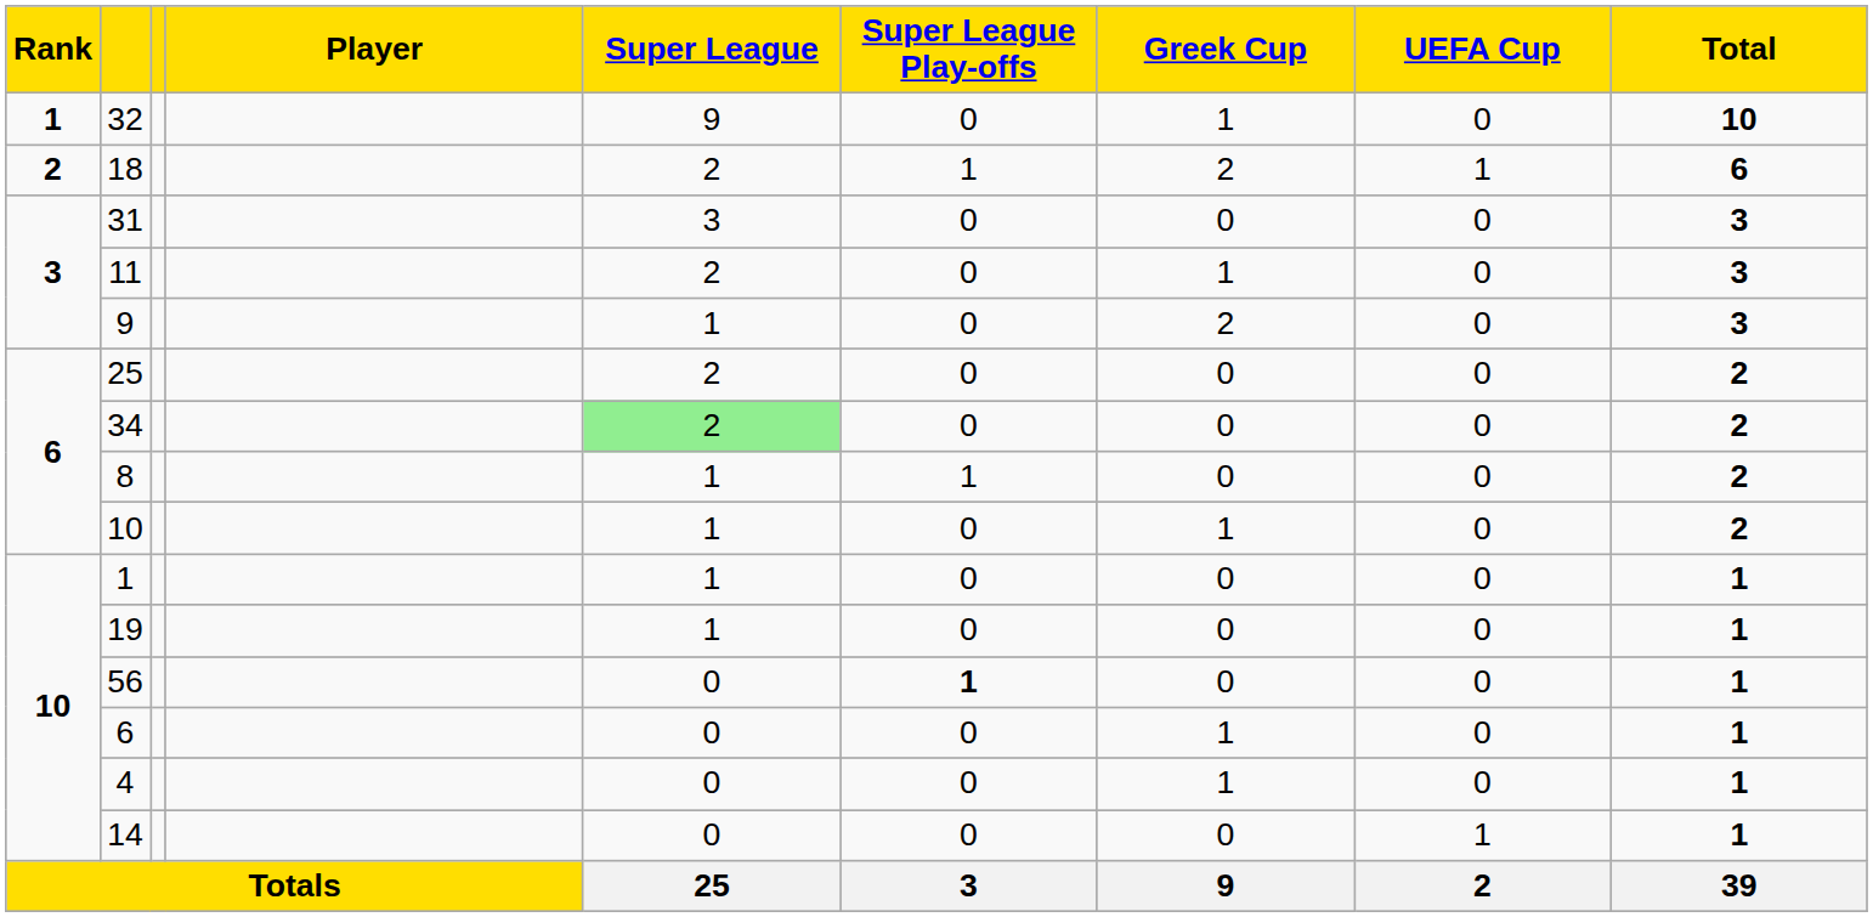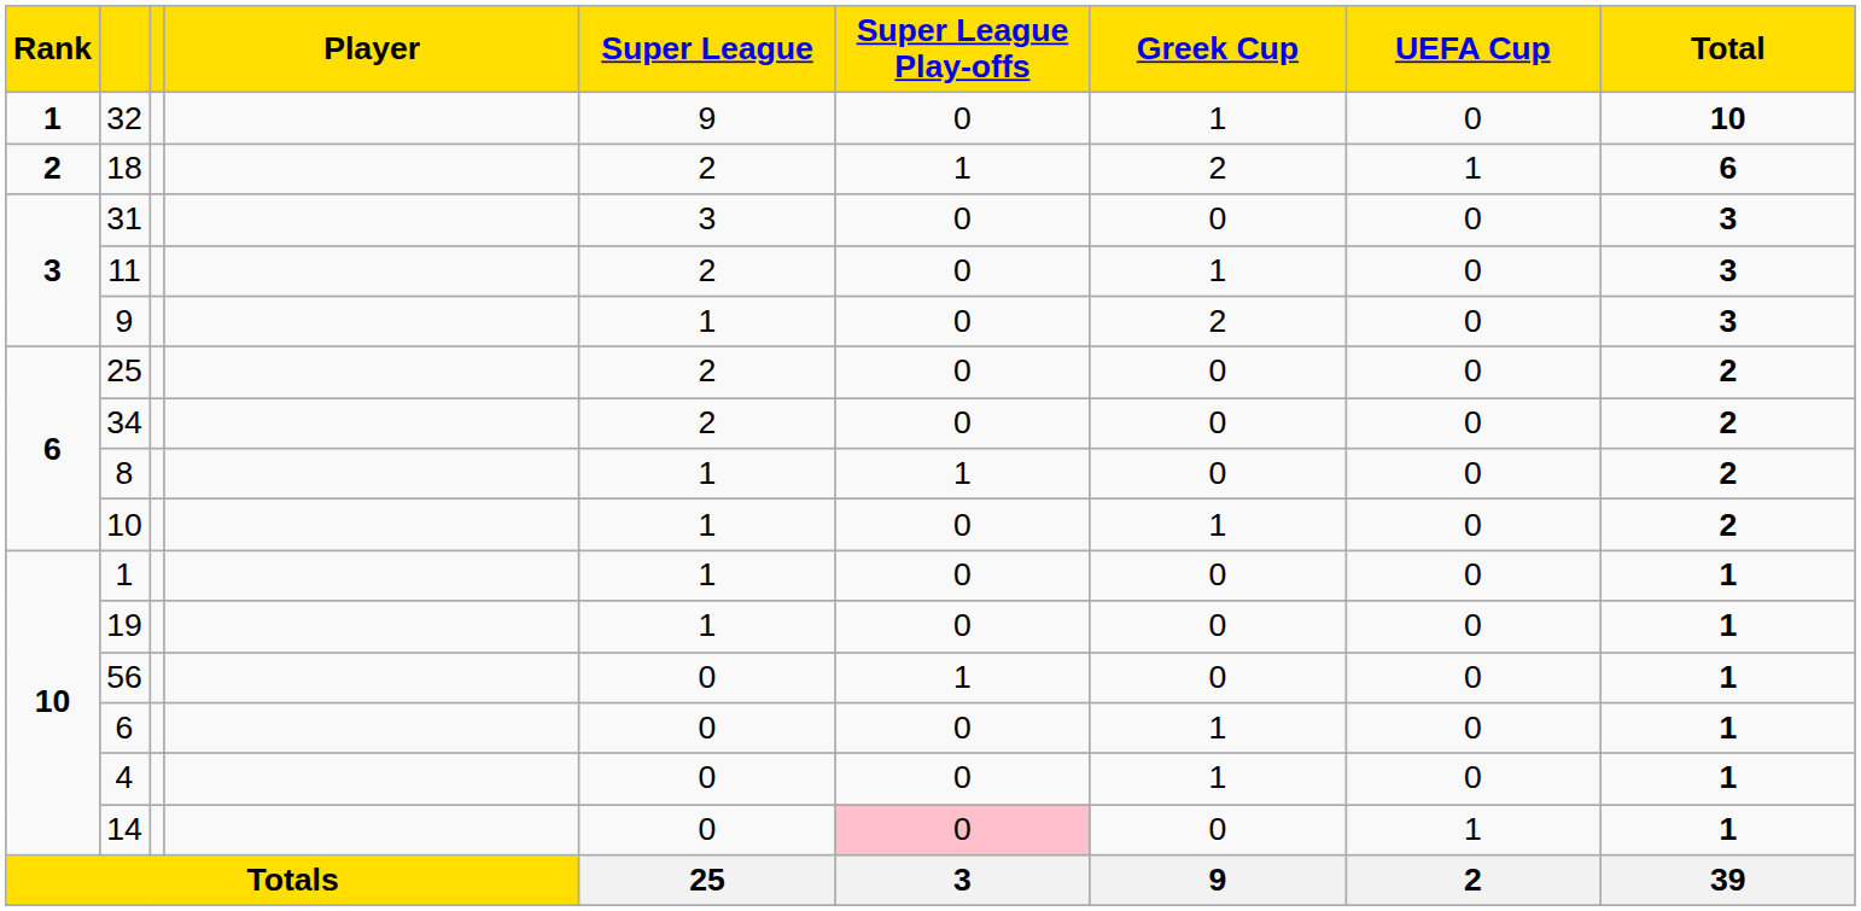 <table class="wikitable sortable" style="text-align: center">
 <tr>
 <th style="background:#FFDE00">Rank</th>
 <th style="background:#FFDE00"></th>
 <th style="background:#FFDE00"></th>
 <th width=200 style="background:#FFDE00">Player</th>
 <th width=120 style="background:#FFDE00"><a href='#'>Super League</a></th>
 <th width=120 style="background:#FFDE00"><a href='#'>Super League Play-offs</a></th>
 <th width=120 style="background:#FFDE00"><a href='#'>Greek Cup</a></th>
 <th width=120 style="background:#FFDE00"><a href='#'>UEFA Cup</a></th>
 <th width=120 style="background:#FFDE00">Total</th>
 </tr>
 <tr>
 <td><strong>1</strong></td>
 <td>32</td>
 <td></td>
 <td align=left></td>
 <td>9</td>
 <td>0</td>
 <td>1</td>
 <td>0</td>
 <td><strong>10</strong></td>
 </tr>
 <tr>
 <td><strong>2</strong></td>
 <td>18</td>
 <td></td>
 <td align=left></td>
 <td>2</td>
 <td>1</td>
 <td>2</td>
 <td>1</td>
 <td><strong>6</strong></td>
 </tr>
 <tr>
 <td rowspan=3><strong>3</strong></td>
 <td>31</td>
 <td></td>
 <td align=left></td>
 <td>3</td>
 <td>0</td>
 <td>0</td>
 <td>0</td>
 <td><strong>3</strong></td>
 </tr>
 <tr>
 <td>11</td>
 <td></td>
 <td align=left></td>
 <td>2</td>
 <td>0</td>
 <td>1</td>
 <td>0</td>
 <td><strong>3</strong></td>
 </tr>
 <tr>
 <td>9</td>
 <td></td>
 <td align=left></td>
 <td>1</td>
 <td>0</td>
 <td>2</td>
 <td>0</td>
 <td><strong>3</strong></td>
 </tr>
 <tr>
 <td rowspan=4><strong>6</strong></td>
 <td>25</td>
 <td></td>
 <td align=left></td>
 <td>2</td>
 <td>0</td>
 <td>0</td>
 <td>0</td>
 <td><strong>2</strong></td>
 </tr>
 <tr>
 <td>34</td>
 <td></td>
 <td align=left></td>
-<td style="background: lightgreen;">2</td>
+<td>2</td>
 <td>0</td>
 <td>0</td>
 <td>0</td>
 <td><strong>2</strong></td>
 </tr>
 <tr>
 <td>8</td>
 <td></td>
 <td align=left></td>
 <td>1</td>
 <td>1</td>
 <td>0</td>
 <td>0</td>
 <td><strong>2</strong></td>
 </tr>
 <tr>
 <td>10</td>
 <td></td>
 <td align=left></td>
 <td>1</td>
 <td>0</td>
 <td>1</td>
 <td>0</td>
 <td><strong>2</strong></td>
 </tr>
 <tr>
 <td rowspan=6><strong>10</strong></td>
 <td>1</td>
 <td></td>
 <td align=left></td>
 <td>1</td>
 <td>0</td>
 <td>0</td>
 <td>0</td>
 <td><strong>1</strong></td>
 </tr>
 <tr>
 <td>19</td>
 <td></td>
 <td align=left></td>
 <td>1</td>
 <td>0</td>
 <td>0</td>
 <td>0</td>
 <td><strong>1</strong></td>
 </tr>
 <tr>
 <td>56</td>
 <td></td>
 <td align=left></td>
 <td>0</td>
-<td><strong>1</strong></td>
+<td>1</td>
 <td>0</td>
 <td>0</td>
 <td><strong>1</strong></td>
 </tr>
 <tr>
 <td>6</td>
 <td></td>
 <td align=left></td>
 <td>0</td>
 <td>0</td>
 <td>1</td>
 <td>0</td>
 <td><strong>1</strong></td>
 </tr>
 <tr>
 <td>4</td>
 <td></td>
 <td align=left></td>
 <td>0</td>
 <td>0</td>
 <td>1</td>
 <td>0</td>
 <td><strong>1</strong></td>
 </tr>
 <tr>
 <td>14</td>
 <td></td>
 <td align=left></td>
 <td>0</td>
-<td>0</td>
+<td style="background: pink;">0</td>
 <td>0</td>
 <td>1</td>
 <td><strong>1</strong></td>
 </tr>
 <tr class="sortbottom">
 <th colspan=4 style="background:#FFDE00"><strong>Totals</strong></th>
 <th><strong>25</strong></th>
 <th><strong> 3</strong></th>
 <th><strong> 9</strong></th>
 <th><strong> 2</strong></th>
 <th><strong>39</strong></th>
 </tr>
 </table>
